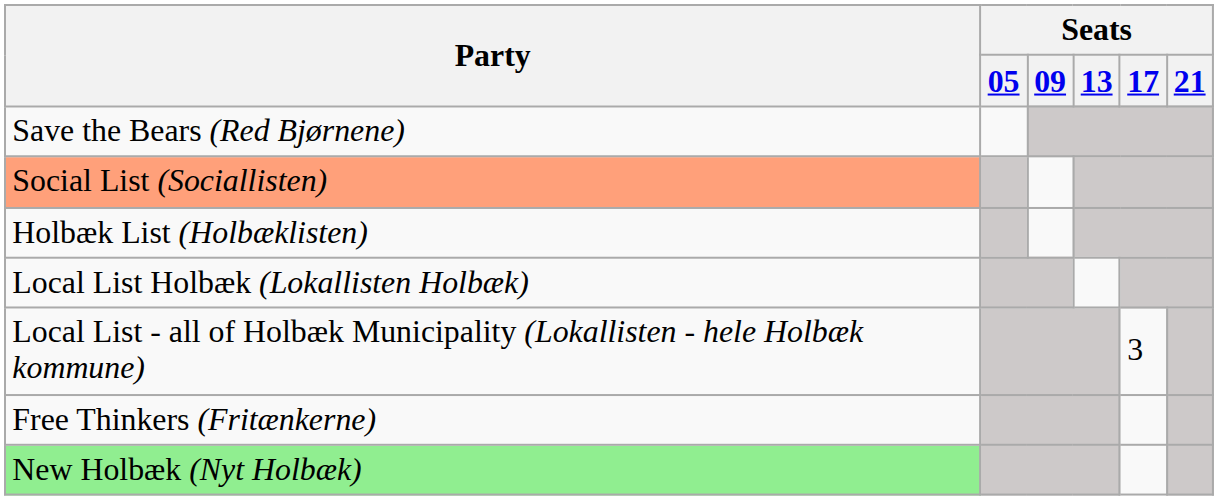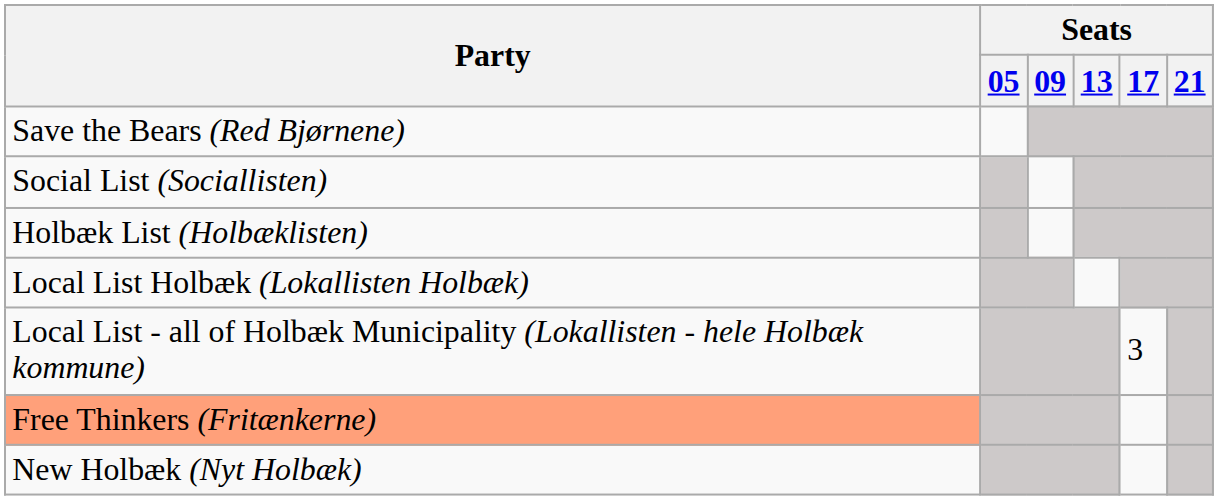 <table class="wikitable">
 <tr>
 <th rowspan=2>Party</th>
 <th colspan=11>Seats</th>
 </tr>
 <tr>
 <th><a href='#'>05</a></th>
 <th><a href='#'>09</a></th>
 <th><a href='#'>13</a></th>
 <th><a href='#'>17</a></th>
 <th><a href='#'>21</a></th>
 </tr>
 <tr>
 <td>Save the Bears <em>(Red Bjørnene)</em></td>
 <td></td>
 <td style="background:#CDC9C9;" colspan=4></td>
 </tr>
 <tr>
-<td style="background: lightsalmon;">Social List <em>(Sociallisten)</em></td>
+<td>Social List <em>(Sociallisten)</em></td>
 <td style="background:#CDC9C9;"></td>
 <td></td>
 <td style="background:#CDC9C9;" colspan=3></td>
 </tr>
 <tr>
 <td>Holbæk List <em>(Holbæklisten)</em></td>
 <td style="background:#CDC9C9;"></td>
 <td></td>
 <td style="background:#CDC9C9;" colspan=3></td>
 </tr>
 <tr>
 <td>Local List Holbæk <em>(Lokallisten Holbæk)</em></td>
 <td style="background:#CDC9C9;" colspan=2></td>
 <td></td>
 <td style="background:#CDC9C9;" colspan=2></td>
 </tr>
 <tr>
 <td>Local List - all of Holbæk Municipality <em>(Lokallisten - hele Holbæk kommune)</em></td>
 <td style="background:#CDC9C9;" colspan=3></td>
 <td>3</td>
 <td style="background:#CDC9C9;"></td>
 </tr>
 <tr>
-<td>Free Thinkers <em>(Fritænkerne)</em></td>
+<td style="background: lightsalmon;">Free Thinkers <em>(Fritænkerne)</em></td>
 <td style="background:#CDC9C9;" colspan=3></td>
 <td></td>
 <td style="background:#CDC9C9;"></td>
 </tr>
 <tr>
-<td style="background: lightgreen;">New Holbæk <em>(Nyt Holbæk)</em></td>
+<td>New Holbæk <em>(Nyt Holbæk)</em></td>
 <td style="background:#CDC9C9;" colspan=3></td>
 <td></td>
 <td style="background:#CDC9C9;"></td>
 </tr>
 </table>
